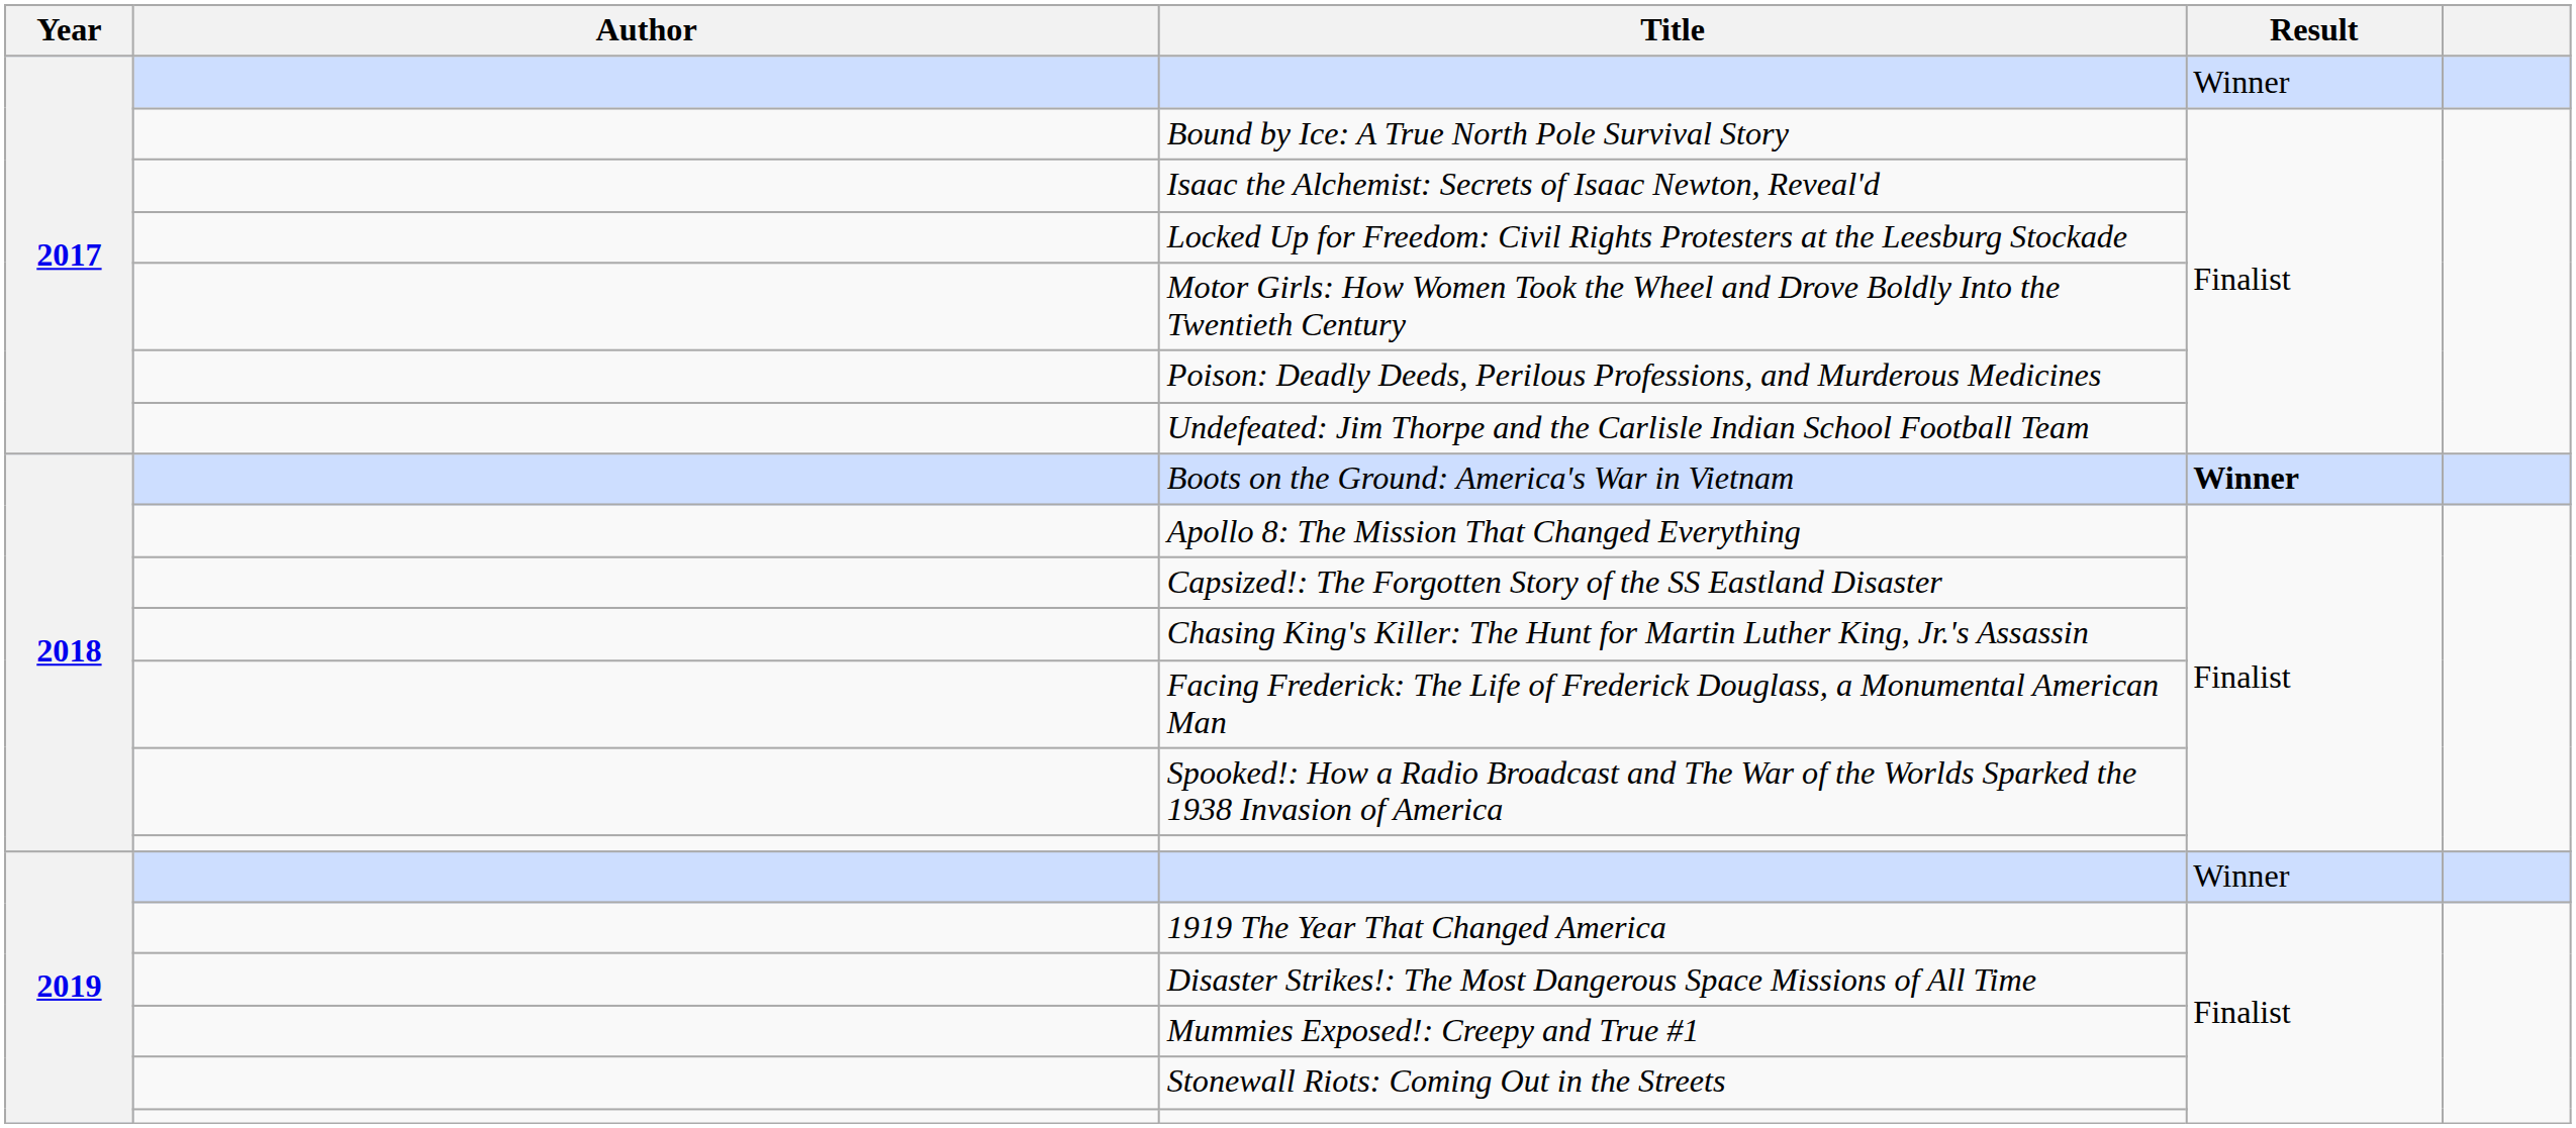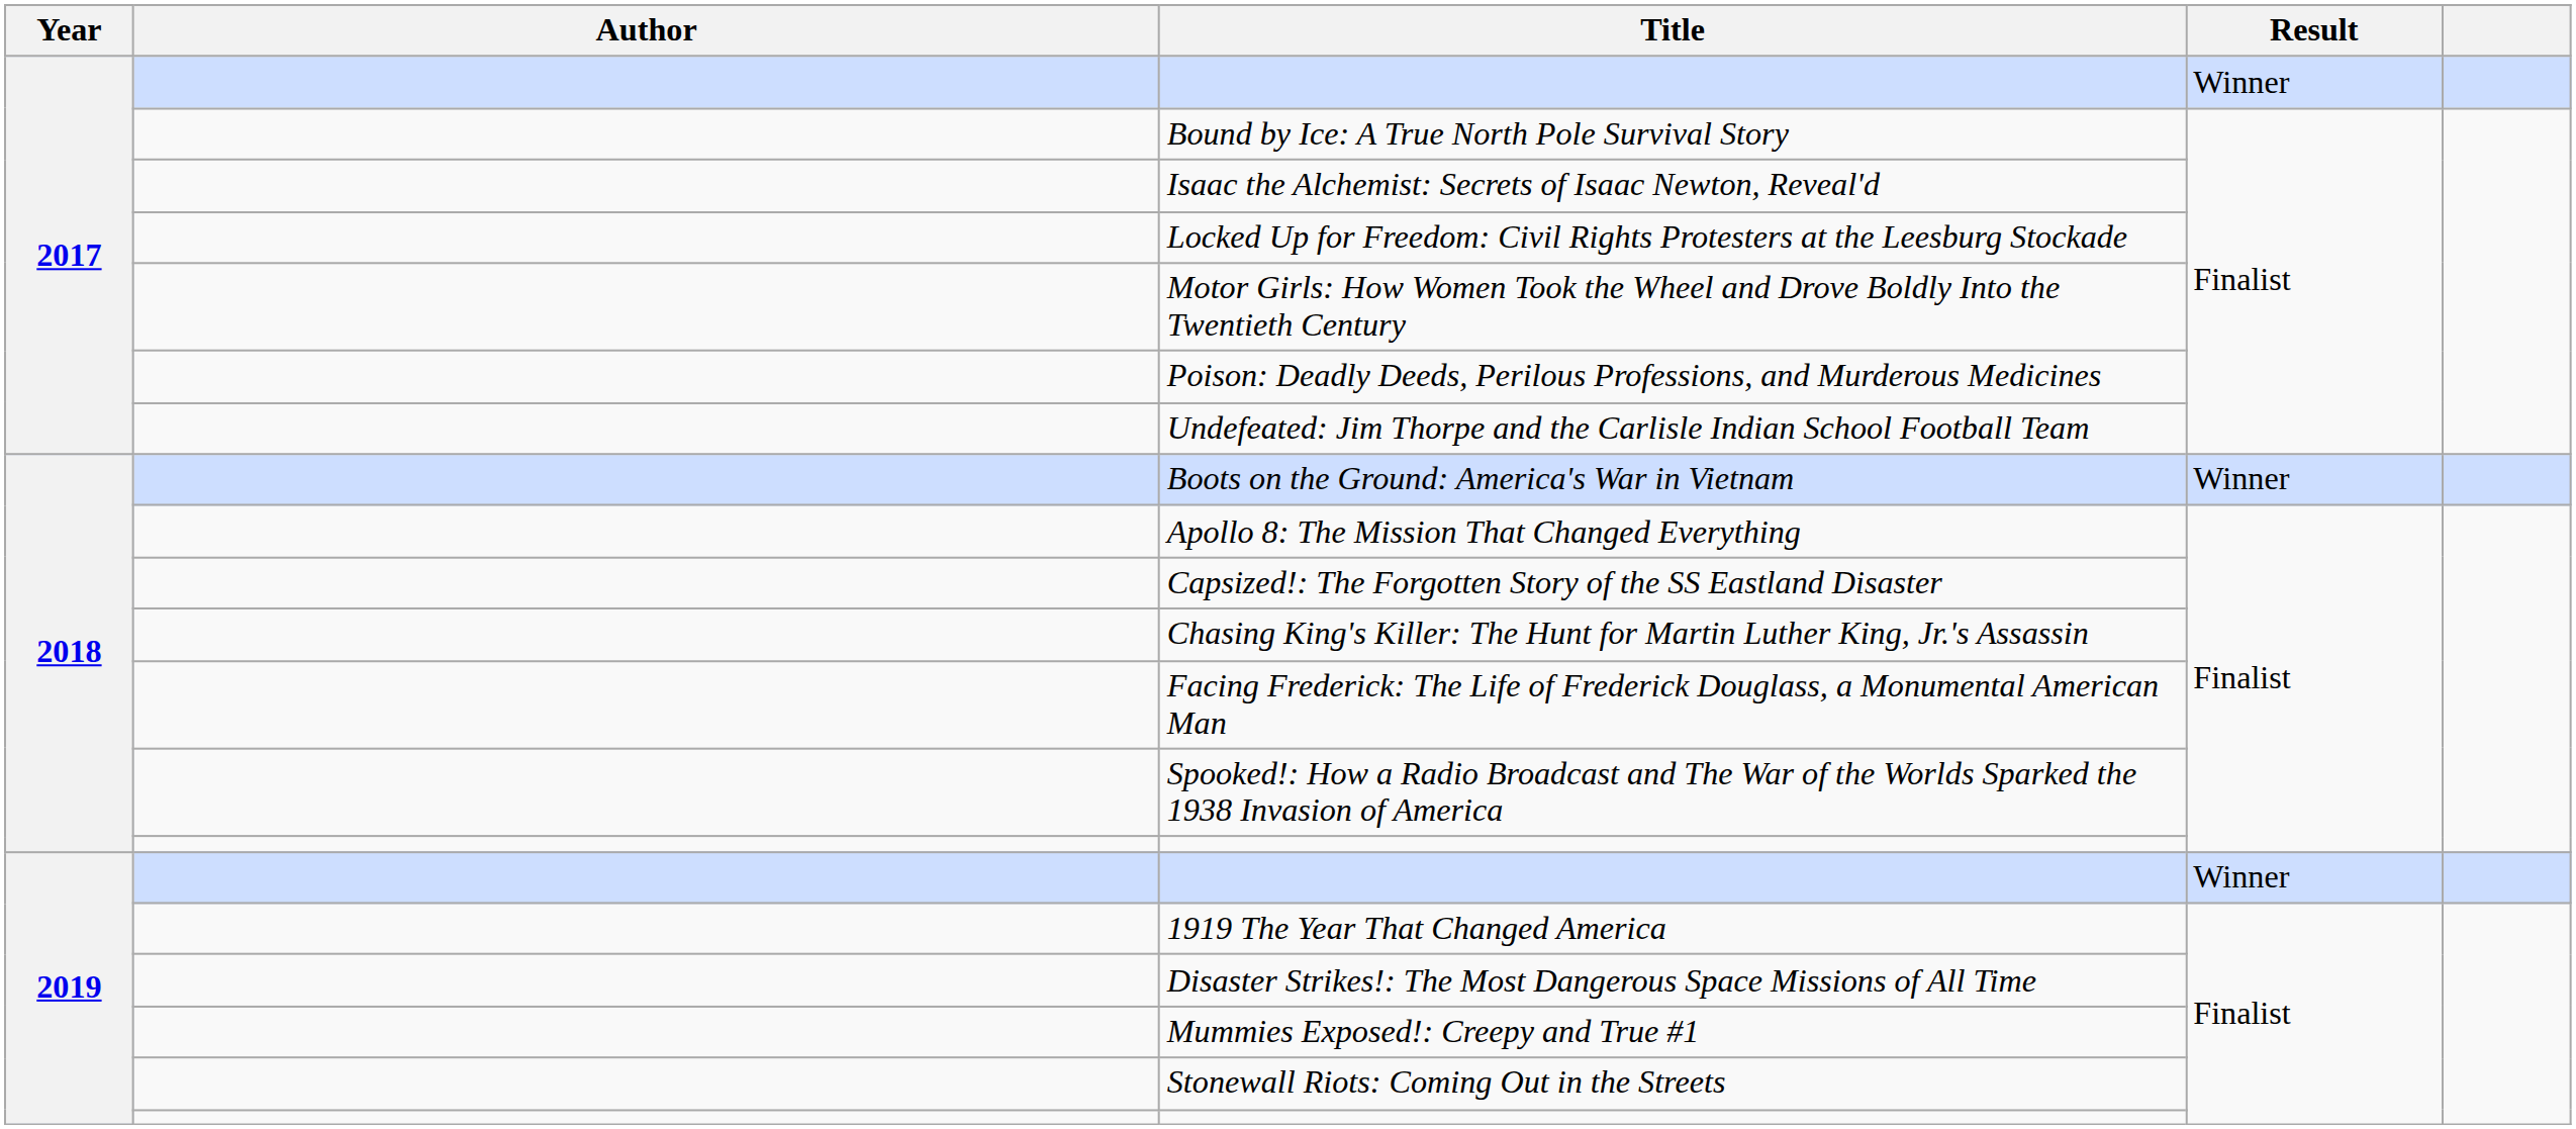 <table class="wikitable sortable mw-collapsible" width="100%">
 <tr>
 <th scope=col width="5%">Year</th>
 <th scope=col width="40%">Author</th>
 <th scope=col width="40%">Title</th>
 <th scope=col width="10%">Result</th>
 <th scope=col width="5%" class="unsortable"></th>
 </tr>
 <tr style="background:#cddeff">
 <th scope=row rowspan="7"><a href='#'>2017</a></th>
 <td></td>
 <td></td>
 <td>Winner</td>
 <td></td>
 </tr>
 <tr>
 <td></td>
 <td><em>Bound by Ice: A True North Pole Survival Story</em></td>
 <td rowspan="6">Finalist</td>
 <td rowspan="6"></td>
 </tr>
 <tr>
 <td></td>
 <td><em>Isaac the Alchemist: Secrets of Isaac Newton, Reveal'd</em></td>
 </tr>
 <tr>
 <td></td>
 <td><em>Locked Up for Freedom: Civil Rights Protesters at the Leesburg Stockade</em></td>
 </tr>
 <tr>
 <td></td>
 <td><em>Motor Girls: How Women Took the Wheel and Drove Boldly Into the Twentieth Century</em></td>
 </tr>
 <tr>
 <td></td>
 <td><em>Poison: Deadly Deeds, Perilous Professions, and Murderous Medicines</em></td>
 </tr>
 <tr>
 <td></td>
 <td><em>Undefeated: Jim Thorpe and the Carlisle Indian School Football Team</em></td>
 </tr>
 <tr style="background:#cddeff">
 <th scope=row rowspan="7"><a href='#'>2018</a></th>
 <td></td>
 <td><em>Boots on the Ground: America's War in Vietnam</em></td>
-<td><strong>Winner</strong></td>
+<td>Winner</td>
 <td></td>
 </tr>
 <tr>
 <td></td>
 <td><em>Apollo 8: The Mission That Changed Everything</em></td>
 <td rowspan="6">Finalist</td>
 <td rowspan="6"></td>
 </tr>
 <tr>
 <td></td>
 <td><em>Capsized!: The Forgotten Story of the SS Eastland Disaster</em></td>
 </tr>
 <tr>
 <td></td>
 <td><em>Chasing King's Killer: The Hunt for Martin Luther King, Jr.'s Assassin</em></td>
 </tr>
 <tr>
 <td></td>
 <td><em>Facing Frederick: The Life of Frederick Douglass, a Monumental American Man</em></td>
 </tr>
 <tr>
 <td></td>
 <td><em>Spooked!: How a Radio Broadcast and The War of the Worlds Sparked the 1938 Invasion of America</em></td>
 </tr>
 <tr>
 <td></td>
 <td></td>
 </tr>
 <tr style="background:#cddeff">
 <th scope=row rowspan="6"><a href='#'>2019</a></th>
 <td></td>
 <td></td>
 <td>Winner</td>
 <td></td>
 </tr>
 <tr>
 <td></td>
 <td><em>1919 The Year That Changed America</em></td>
 <td rowspan="5">Finalist</td>
 <td rowspan="5"></td>
 </tr>
 <tr>
 <td></td>
 <td><em>Disaster Strikes!: The Most Dangerous Space Missions of All Time</em></td>
 </tr>
 <tr>
 <td></td>
 <td><em>Mummies Exposed!: Creepy and True #1</em></td>
 </tr>
 <tr>
 <td></td>
 <td><em>Stonewall Riots: Coming Out in the Streets</em></td>
 </tr>
 <tr>
 <td></td>
 <td></td>
 </tr>
 </table>
